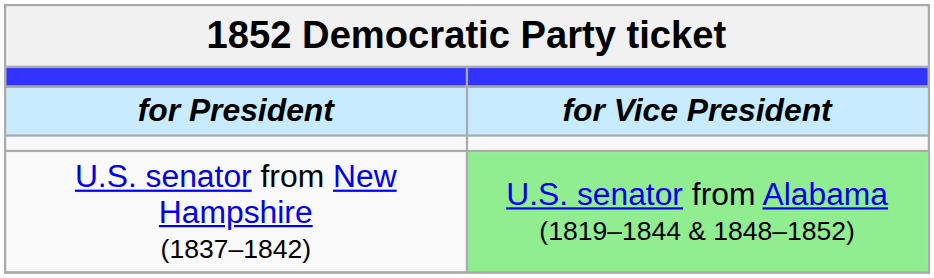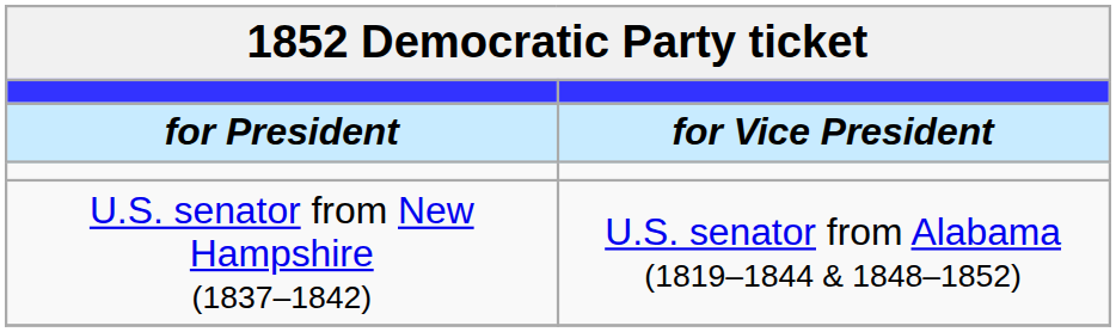 <table class="wikitable" style="font-size:90%; text-align:center;">
 <tr>
 <td style="background:#f1f1f1;" colspan="30"><big><strong>1852 Democratic Party ticket</strong></big></td>
 </tr>
 <tr>
 <th style="width:3em; font-size:135%; background:#3333FF; width:200px;"><a href='#'></a></th>
 <th style="width:3em; font-size:135%; background:#3333FF; width:200px;"><a href='#'></a></th>
 </tr>
 <tr>
 <td style="width:3em; font-size:100%; color:#000; background:#C8EBFF; width:200px;"><strong><em>for President</em></strong></td>
 <td style="width:3em; font-size:100%; color:#000; background:#C8EBFF; width:200px;"><strong><em>for Vice President</em></strong></td>
 </tr>
 <tr>
 <td></td>
 <td></td>
 </tr>
 <tr>
 <td><a href='#'>U.S. senator</a> from <a href='#'>New Hampshire</a><br><small>(1837–1842)</small></td>
-<td style="background: lightgreen;"><a href='#'>U.S. senator</a> from <a href='#'>Alabama</a><br><small>(1819–1844 & 1848–1852)</small></td>
+<td><a href='#'>U.S. senator</a> from <a href='#'>Alabama</a><br><small>(1819–1844 & 1848–1852)</small></td>
 </tr>
 <tr>
 </tr>
 </table>
